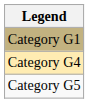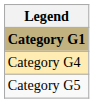 <table class="wikitable" style="font-size:85%;">
 <tr>
 <th>Legend</th>
 </tr>
 <tr bgcolor=#C2B280>
-<td>Category G1</td>
+<td><strong>Category G1</strong></td>
 </tr>
 <tr bgcolor=#ffecb2>
 <td>Category G4</td>
 </tr>
 <tr>
 <td>Category G5</td>
 </tr>
 </table>
